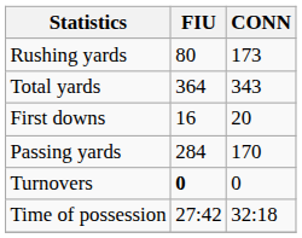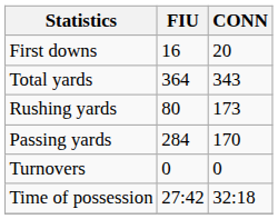 <table class="wikitable" style="float: left;">
 <tr>
 <th>Statistics</th>
 <th>FIU</th>
 <th>CONN</th>
 </tr>
 <tr>
-<td>Rushing yards</td>
-<td>80</td>
-<td>173</td>
+<td>First downs</td>
+<td>16</td>
+<td>20</td>
 </tr>
 <tr>
 <td>Total yards</td>
 <td>364</td>
 <td>343</td>
 </tr>
 <tr>
-<td>First downs</td>
-<td>16</td>
-<td>20</td>
+<td>Rushing yards</td>
+<td>80</td>
+<td>173</td>
 </tr>
 <tr>
 <td>Passing yards</td>
 <td>284</td>
 <td>170</td>
 </tr>
 <tr>
 <td>Turnovers</td>
-<td><strong>0</strong></td>
+<td>0</td>
 <td>0</td>
 </tr>
 <tr>
 <td>Time of possession</td>
 <td>27:42</td>
 <td>32:18</td>
 </tr>
 <tr>
 </tr>
 </table>
